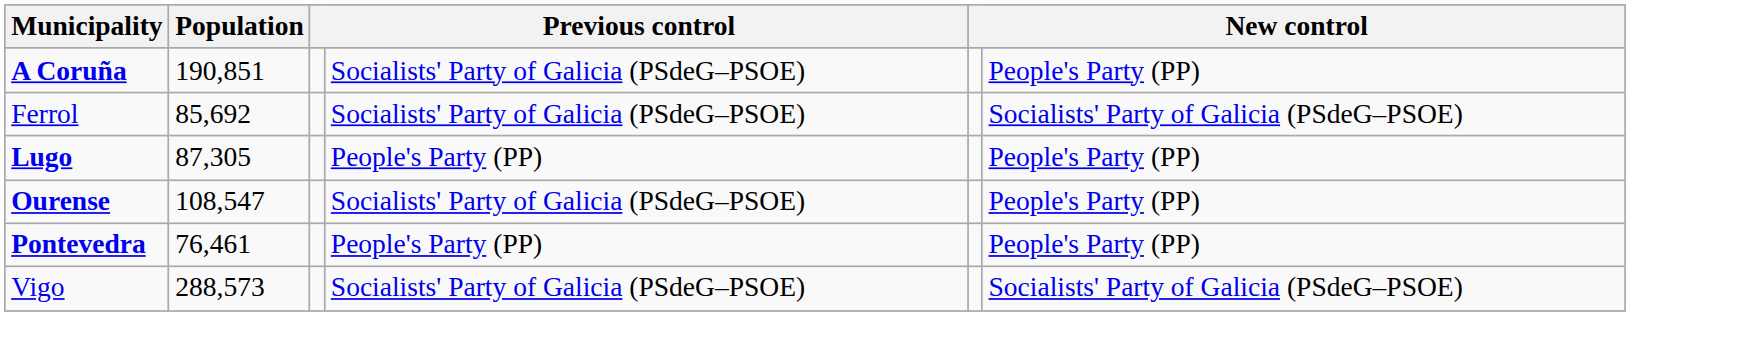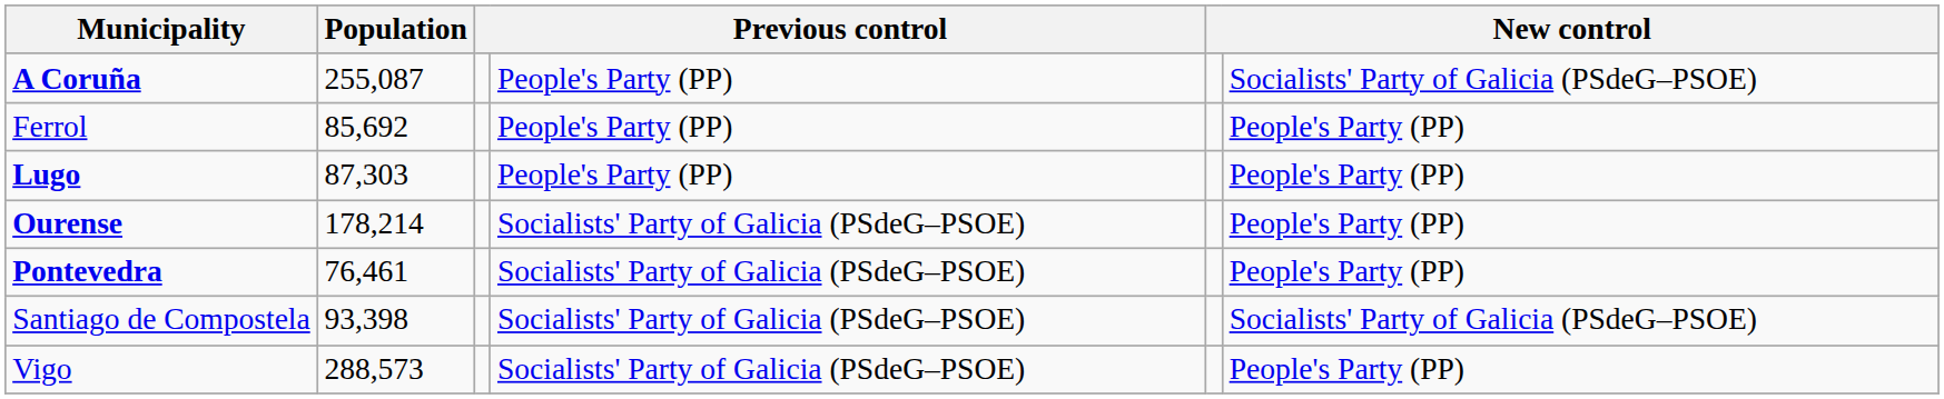 <table class="wikitable sortable">
 <tr>
 <th>Municipality</th>
 <th>Population</th>
 <th colspan="2" style="width:375px;">Previous control</th>
 <th colspan="2" style="width:375px;">New control</th>
 </tr>
 <tr>
 <td><strong><a href='#'>A Coruña</a></strong></td>
-<td>190,851</td>
+<td>255,087</td>
+<td width="1" style="color:inherit;background:"></td>
+<td><a href='#'>People's Party</a> (PP)</td>
 <td width="1" style="color:inherit;background:"></td>
 <td><a href='#'>Socialists' Party of Galicia</a> (PSdeG–PSOE)</td>
-<td width="1" style="color:inherit;background:"></td>
-<td><a href='#'>People's Party</a> (PP)</td>
 </tr>
 <tr>
 <td><a href='#'>Ferrol</a></td>
 <td>85,692</td>
 <td style="color:inherit;background:"></td>
-<td><a href='#'>Socialists' Party of Galicia</a> (PSdeG–PSOE)</td>
+<td><a href='#'>People's Party</a> (PP)</td>
 <td style="color:inherit;background:"></td>
-<td><a href='#'>Socialists' Party of Galicia</a> (PSdeG–PSOE)</td>
+<td><a href='#'>People's Party</a> (PP)</td>
 </tr>
 <tr>
 <td><strong><a href='#'>Lugo</a></strong></td>
-<td>87,305</td>
+<td>87,303</td>
 <td style="color:inherit;background:"></td>
 <td><a href='#'>People's Party</a> (PP)</td>
 <td style="color:inherit;background:"></td>
 <td><a href='#'>People's Party</a> (PP)</td>
 </tr>
 <tr>
 <td><strong><a href='#'>Ourense</a></strong></td>
-<td>108,547</td>
+<td>178,214</td>
 <td style="color:inherit;background:"></td>
 <td><a href='#'>Socialists' Party of Galicia</a> (PSdeG–PSOE)</td>
 <td style="color:inherit;background:"></td>
 <td><a href='#'>People's Party</a> (PP)</td>
 </tr>
 <tr>
 <td><strong><a href='#'>Pontevedra</a></strong></td>
 <td>76,461</td>
 <td style="color:inherit;background:"></td>
-<td><a href='#'>People's Party</a> (PP)</td>
+<td><a href='#'>Socialists' Party of Galicia</a> (PSdeG–PSOE)</td>
 <td style="color:inherit;background:"></td>
 <td><a href='#'>People's Party</a> (PP)</td>
+</tr>
+<tr>
+<td><a href='#'>Santiago de Compostela</a></td>
+<td>93,398</td>
+<td style="color:inherit;background:"></td>
+<td><a href='#'>Socialists' Party of Galicia</a> (PSdeG–PSOE)</td>
+<td style="color:inherit;background:"></td>
+<td><a href='#'>Socialists' Party of Galicia</a> (PSdeG–PSOE)</td>
 </tr>
 <tr>
 <td><a href='#'>Vigo</a></td>
 <td>288,573</td>
 <td style="color:inherit;background:"></td>
 <td><a href='#'>Socialists' Party of Galicia</a> (PSdeG–PSOE)</td>
 <td style="color:inherit;background:"></td>
-<td><a href='#'>Socialists' Party of Galicia</a> (PSdeG–PSOE)</td>
+<td><a href='#'>People's Party</a> (PP)</td>
 </tr>
 </table>
